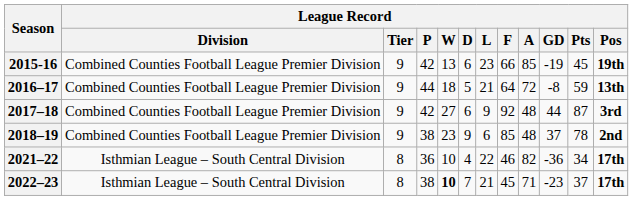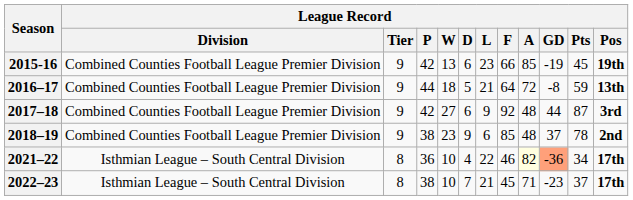 <table class="wikitable" style="font-size:95%; text-align: center">
 <tr>
 <th rowspan=2>Season</th>
 <th colspan=11>League Record</th>
 </tr>
 <tr>
 <th>Division</th>
 <th>Tier</th>
 <th>P</th>
 <th>W</th>
 <th>D</th>
 <th>L</th>
 <th>F</th>
 <th>A</th>
 <th>GD</th>
 <th>Pts</th>
 <th>Pos</th>
 </tr>
 <tr>
 <th>2015-16</th>
 <td>Combined Counties Football League Premier Division</td>
 <td>9</td>
 <td>42</td>
 <td>13</td>
 <td>6</td>
 <td>23</td>
 <td>66</td>
 <td>85</td>
 <td>-19</td>
 <td>45</td>
 <td><strong>19th</strong></td>
 </tr>
 <tr>
 <th>2016–17</th>
 <td>Combined Counties Football League Premier Division</td>
 <td>9</td>
 <td>44</td>
 <td>18</td>
 <td>5</td>
 <td>21</td>
 <td>64</td>
 <td>72</td>
 <td>-8</td>
 <td>59</td>
 <td><strong>13th</strong></td>
 </tr>
 <tr>
 <th>2017–18</th>
 <td>Combined Counties Football League Premier Division</td>
 <td>9</td>
 <td>42</td>
 <td>27</td>
 <td>6</td>
 <td>9</td>
 <td>92</td>
 <td>48</td>
 <td>44</td>
 <td>87</td>
 <td><strong>3rd</strong></td>
 </tr>
 <tr>
 <th>2018–19</th>
 <td>Combined Counties Football League Premier Division</td>
 <td>9</td>
 <td>38</td>
 <td>23</td>
 <td>9</td>
 <td>6</td>
 <td>85</td>
 <td>48</td>
 <td>37</td>
 <td>78</td>
 <td><strong>2nd</strong></td>
 </tr>
 <tr>
 <th>2021–22</th>
 <td>Isthmian League – South Central Division</td>
 <td>8</td>
 <td>36</td>
 <td>10</td>
 <td>4</td>
 <td>22</td>
 <td>46</td>
-<td>82</td>
-<td>-36</td>
+<td style="background: lightyellow;">82</td>
+<td style="background: lightsalmon;">-36</td>
 <td>34</td>
 <td><strong>17th</strong></td>
 </tr>
 <tr>
 <th>2022–23</th>
 <td>Isthmian League – South Central Division</td>
 <td>8</td>
 <td>38</td>
-<td><strong>10</strong></td>
+<td>10</td>
 <td>7</td>
 <td>21</td>
 <td>45</td>
 <td>71</td>
 <td>-23</td>
 <td>37</td>
 <td><strong>17th</strong></td>
 </tr>
 </table>
